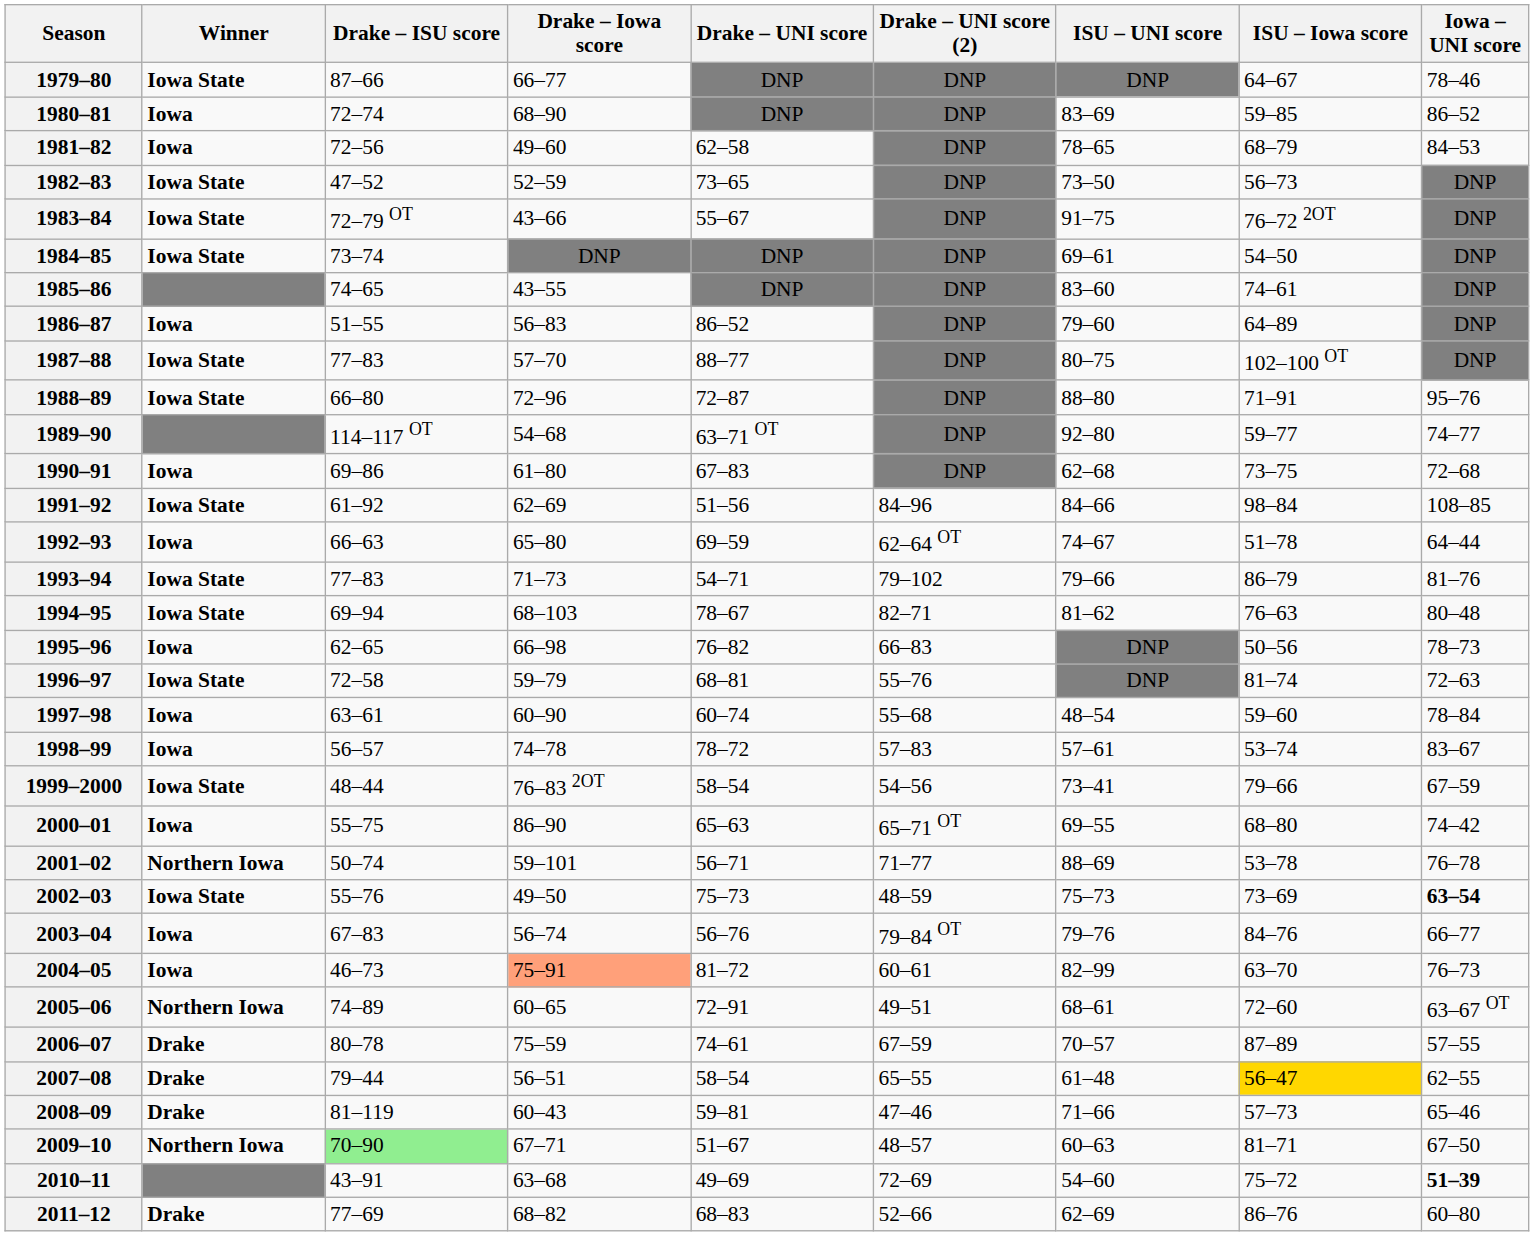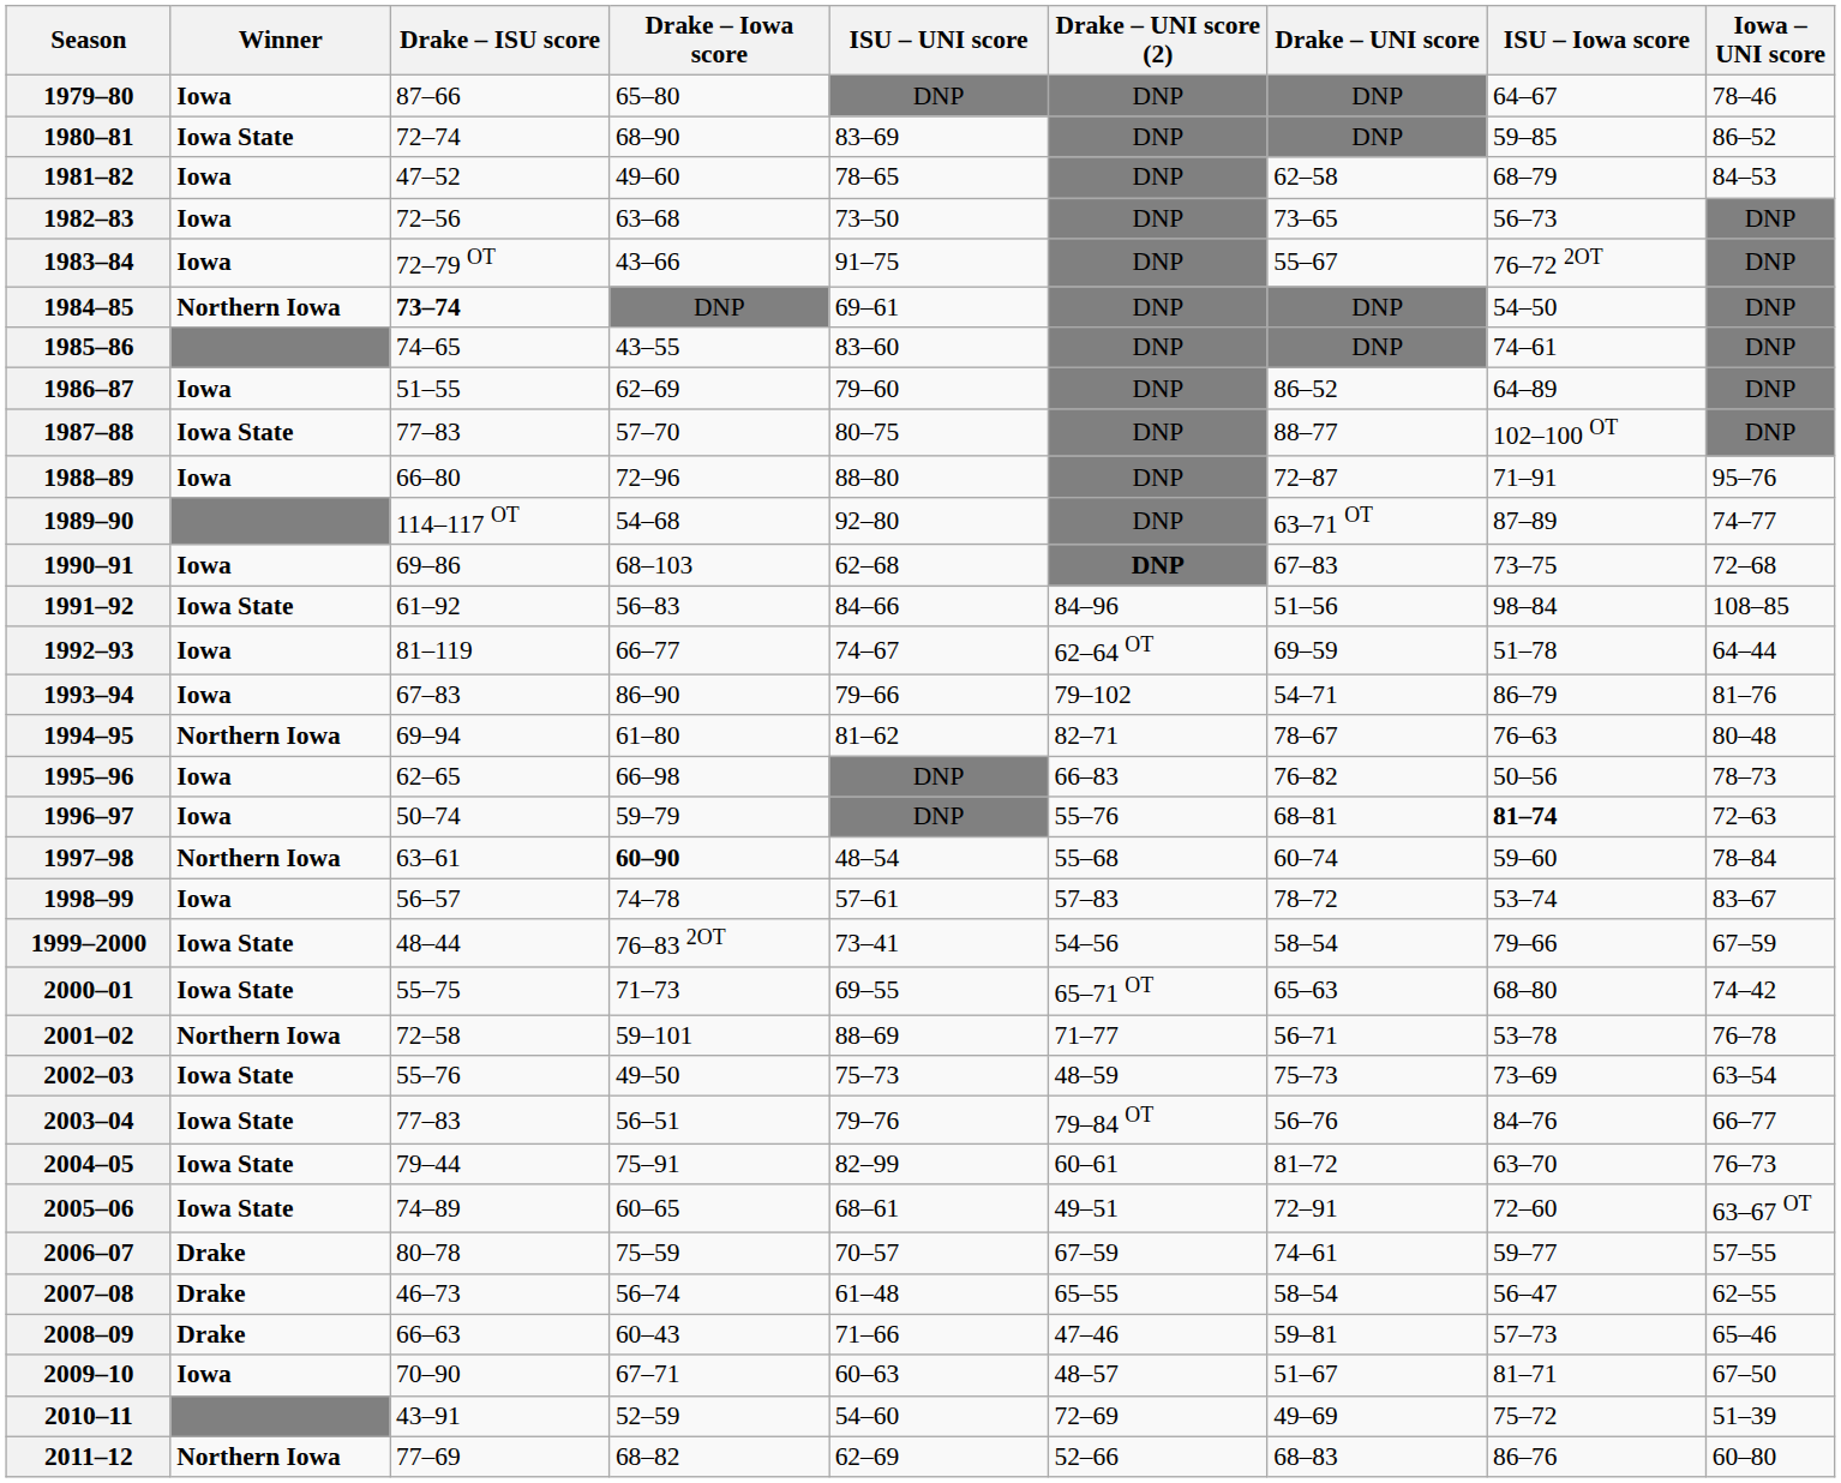 <table class="wikitable"  style="margin:1em auto 1em auto; width:90%;">
 <tr>
 <th style="width:9%;">Season</th>
 <th style="width:12%;">Winner</th>
 <th style="width:12%;">Drake – ISU score</th>
 <th style="width:12%;">Drake – Iowa score</th>
+<th style="width:12%;">ISU – UNI score</th>
+<th style="width:12%;">Drake – UNI score (2)</th>
 <th style="width:12%;">Drake – UNI score</th>
-<th style="width:12%;">Drake – UNI score (2)</th>
-<th style="width:12%;">ISU – UNI score</th>
 <th style="width:12%;">ISU – Iowa score</th>
 <th style="width:12%;">Iowa – UNI score</th>
 </tr>
 <tr>
 <th>1979–80</th>
-<td><strong>Iowa State</strong></td>
+<td><strong>Iowa</strong></td>
 <td>87–66</td>
-<td>66–77</td>
+<td>65–80</td>
 <td style="background: grey; color: black; text-align:center;">DNP</td>
 <td style="background: grey; color: black; text-align:center;">DNP</td>
 <td style="background: grey; color: black; text-align:center;">DNP</td>
 <td>64–67</td>
 <td>78–46</td>
 </tr>
 <tr>
 <th>1980–81</th>
-<td><strong>Iowa</strong></td>
+<td><strong>Iowa State</strong></td>
 <td>72–74</td>
 <td>68–90</td>
+<td>83–69</td>
 <td style="background: grey; color: black; text-align:center;">DNP</td>
 <td style="background: grey; color: black; text-align:center;">DNP</td>
-<td>83–69</td>
 <td>59–85</td>
 <td>86–52</td>
 </tr>
 <tr>
 <th>1981–82</th>
 <td><strong>Iowa</strong></td>
-<td>72–56</td>
+<td>47–52</td>
 <td>49–60</td>
+<td>78–65</td>
+<td style="background: grey; color: black; text-align:center;">DNP</td>
 <td>62–58</td>
-<td style="background: grey; color: black; text-align:center;">DNP</td>
-<td>78–65</td>
 <td>68–79</td>
 <td>84–53</td>
 </tr>
 <tr>
 <th>1982–83</th>
-<td><strong>Iowa State</strong></td>
-<td>47–52</td>
-<td>52–59</td>
+<td><strong>Iowa</strong></td>
+<td>72–56</td>
+<td>63–68</td>
+<td>73–50</td>
+<td style="background: grey; color: black; text-align:center;">DNP</td>
 <td>73–65</td>
-<td style="background: grey; color: black; text-align:center;">DNP</td>
-<td>73–50</td>
 <td>56–73</td>
 <td style="background: grey; color: black; text-align:center;">DNP</td>
 </tr>
 <tr>
 <th>1983–84</th>
-<td><strong>Iowa State</strong></td>
+<td><strong>Iowa</strong></td>
 <td>72–79 <sup>OT</sup></td>
 <td>43–66</td>
+<td>91–75</td>
+<td style="background: grey; color: black; text-align:center;">DNP</td>
 <td>55–67</td>
-<td style="background: grey; color: black; text-align:center;">DNP</td>
-<td>91–75</td>
 <td>76–72 <sup>2OT</sup></td>
 <td style="background: grey; color: black; text-align:center;">DNP</td>
 </tr>
 <tr>
 <th>1984–85</th>
-<td><strong>Iowa State</strong></td>
-<td>73–74</td>
+<td><strong>Northern Iowa</strong></td>
+<td><strong>73–74</strong></td>
+<td style="background: grey; color: black; text-align:center;">DNP</td>
+<td>69–61</td>
 <td style="background: grey; color: black; text-align:center;">DNP</td>
 <td style="background: grey; color: black; text-align:center;">DNP</td>
-<td style="background: grey; color: black; text-align:center;">DNP</td>
-<td>69–61</td>
 <td>54–50</td>
 <td style="background: grey; color: black; text-align:center;">DNP</td>
 </tr>
 <tr>
 <th>1985–86</th>
 <td style="background: grey; color: black; text-align:center;"></td>
 <td>74–65</td>
 <td>43–55</td>
+<td>83–60</td>
 <td style="background: grey; color: black; text-align:center;">DNP</td>
 <td style="background: grey; color: black; text-align:center;">DNP</td>
-<td>83–60</td>
 <td>74–61</td>
 <td style="background: grey; color: black; text-align:center;">DNP</td>
 </tr>
 <tr>
 <th>1986–87</th>
 <td><strong>Iowa</strong></td>
 <td>51–55</td>
-<td>56–83</td>
+<td>62–69</td>
+<td>79–60</td>
+<td style="background: grey; color: black; text-align:center;">DNP</td>
 <td>86–52</td>
-<td style="background: grey; color: black; text-align:center;">DNP</td>
-<td>79–60</td>
 <td>64–89</td>
 <td style="background: grey; color: black; text-align:center;">DNP</td>
 </tr>
 <tr>
 <th>1987–88</th>
 <td><strong>Iowa State</strong></td>
 <td>77–83</td>
 <td>57–70</td>
+<td>80–75</td>
+<td style="background: grey; color: black; text-align:center;">DNP</td>
 <td>88–77</td>
-<td style="background: grey; color: black; text-align:center;">DNP</td>
-<td>80–75</td>
 <td>102–100 <sup>OT</sup></td>
 <td style="background: grey; color: black; text-align:center;">DNP</td>
 </tr>
 <tr>
 <th>1988–89</th>
-<td><strong>Iowa State</strong></td>
+<td><strong>Iowa</strong></td>
 <td>66–80</td>
 <td>72–96</td>
+<td>88–80</td>
+<td style="background: grey; color: black; text-align:center;">DNP</td>
 <td>72–87</td>
-<td style="background: grey; color: black; text-align:center;">DNP</td>
-<td>88–80</td>
 <td>71–91</td>
 <td>95–76</td>
 </tr>
 <tr>
 <th>1989–90</th>
 <td style="background: grey; color: black; text-align:center;"></td>
 <td>114–117 <sup>OT</sup></td>
 <td>54–68</td>
+<td>92–80</td>
+<td style="background: grey; color: black; text-align:center;">DNP</td>
 <td>63–71 <sup>OT</sup></td>
-<td style="background: grey; color: black; text-align:center;">DNP</td>
-<td>92–80</td>
-<td>59–77</td>
+<td>87–89</td>
 <td>74–77</td>
 </tr>
 <tr>
 <th>1990–91</th>
 <td><strong>Iowa</strong></td>
 <td>69–86</td>
-<td>61–80</td>
+<td>68–103</td>
+<td>62–68</td>
+<td style="background: grey; color: black; text-align:center;"><strong>DNP</strong></td>
 <td>67–83</td>
-<td style="background: grey; color: black; text-align:center;">DNP</td>
-<td>62–68</td>
 <td>73–75</td>
 <td>72–68</td>
 </tr>
 <tr>
 <th>1991–92</th>
 <td><strong>Iowa State</strong></td>
 <td>61–92</td>
-<td>62–69</td>
+<td>56–83</td>
+<td>84–66</td>
+<td>84–96</td>
 <td>51–56</td>
-<td>84–96</td>
-<td>84–66</td>
 <td>98–84</td>
 <td>108–85</td>
 </tr>
 <tr>
 <th>1992–93</th>
 <td><strong>Iowa</strong></td>
-<td>66–63</td>
-<td>65–80</td>
+<td>81–119</td>
+<td>66–77</td>
+<td>74–67</td>
+<td>62–64 <sup>OT</sup></td>
 <td>69–59</td>
-<td>62–64 <sup>OT</sup></td>
-<td>74–67</td>
 <td>51–78</td>
 <td>64–44</td>
 </tr>
 <tr>
 <th>1993–94</th>
-<td><strong>Iowa State</strong></td>
-<td>77–83</td>
-<td>71–73</td>
+<td><strong>Iowa</strong></td>
+<td>67–83</td>
+<td>86–90</td>
+<td>79–66</td>
+<td>79–102</td>
 <td>54–71</td>
-<td>79–102</td>
-<td>79–66</td>
 <td>86–79</td>
 <td>81–76</td>
 </tr>
 <tr>
 <th>1994–95</th>
-<td><strong>Iowa State</strong></td>
+<td><strong>Northern Iowa</strong></td>
 <td>69–94</td>
-<td>68–103</td>
+<td>61–80</td>
+<td>81–62</td>
+<td>82–71</td>
 <td>78–67</td>
-<td>82–71</td>
-<td>81–62</td>
 <td>76–63</td>
 <td>80–48</td>
 </tr>
 <tr>
 <th>1995–96</th>
 <td><strong>Iowa</strong></td>
 <td>62–65</td>
 <td>66–98</td>
+<td style="background: grey; color: black; text-align:center;">DNP</td>
+<td>66–83</td>
 <td>76–82</td>
-<td>66–83</td>
-<td style="background: grey; color: black; text-align:center;">DNP</td>
 <td>50–56</td>
 <td>78–73</td>
 </tr>
 <tr>
 <th>1996–97</th>
-<td><strong>Iowa State</strong></td>
-<td>72–58</td>
+<td><strong>Iowa</strong></td>
+<td>50–74</td>
 <td>59–79</td>
+<td style="background: grey; color: black; text-align:center;">DNP</td>
+<td>55–76</td>
 <td>68–81</td>
-<td>55–76</td>
-<td style="background: grey; color: black; text-align:center;">DNP</td>
-<td>81–74</td>
+<td><strong>81–74</strong></td>
 <td>72–63</td>
 </tr>
 <tr>
 <th>1997–98</th>
-<td><strong>Iowa</strong></td>
+<td><strong>Northern Iowa</strong></td>
 <td>63–61</td>
-<td>60–90</td>
+<td><strong>60–90</strong></td>
+<td>48–54</td>
+<td>55–68</td>
 <td>60–74</td>
-<td>55–68</td>
-<td>48–54</td>
 <td>59–60</td>
 <td>78–84</td>
 </tr>
 <tr>
 <th>1998–99</th>
 <td><strong>Iowa</strong></td>
 <td>56–57</td>
 <td>74–78</td>
+<td>57–61</td>
+<td>57–83</td>
 <td>78–72</td>
-<td>57–83</td>
-<td>57–61</td>
 <td>53–74</td>
 <td>83–67</td>
 </tr>
 <tr>
 <th>1999–2000</th>
 <td><strong>Iowa State</strong></td>
 <td>48–44</td>
 <td>76–83 <sup>2OT</sup></td>
+<td>73–41</td>
+<td>54–56</td>
 <td>58–54</td>
-<td>54–56</td>
-<td>73–41</td>
 <td>79–66</td>
 <td>67–59</td>
 </tr>
 <tr>
 <th>2000–01</th>
-<td><strong>Iowa</strong></td>
+<td><strong>Iowa State</strong></td>
 <td>55–75</td>
-<td>86–90</td>
+<td>71–73</td>
+<td>69–55</td>
+<td>65–71 <sup>OT</sup></td>
 <td>65–63</td>
-<td>65–71 <sup>OT</sup></td>
-<td>69–55</td>
 <td>68–80</td>
 <td>74–42</td>
 </tr>
 <tr>
 <th>2001–02</th>
 <td><strong>Northern Iowa</strong></td>
-<td>50–74</td>
+<td>72–58</td>
 <td>59–101</td>
+<td>88–69</td>
+<td>71–77</td>
 <td>56–71</td>
-<td>71–77</td>
-<td>88–69</td>
 <td>53–78</td>
 <td>76–78</td>
 </tr>
 <tr>
 <th>2002–03</th>
 <td><strong>Iowa State</strong></td>
 <td>55–76</td>
 <td>49–50</td>
 <td>75–73</td>
 <td>48–59</td>
 <td>75–73</td>
 <td>73–69</td>
-<td><strong>63–54</strong></td>
+<td>63–54</td>
 </tr>
 <tr>
 <th>2003–04</th>
-<td><strong>Iowa</strong></td>
-<td>67–83</td>
-<td>56–74</td>
+<td><strong>Iowa State</strong></td>
+<td>77–83</td>
+<td>56–51</td>
+<td>79–76</td>
+<td>79–84 <sup>OT</sup></td>
 <td>56–76</td>
-<td>79–84 <sup>OT</sup></td>
-<td>79–76</td>
 <td>84–76</td>
 <td>66–77</td>
 </tr>
 <tr>
 <th>2004–05</th>
-<td><strong>Iowa</strong></td>
-<td>46–73</td>
-<td style="background: lightsalmon;">75–91</td>
+<td><strong>Iowa State</strong></td>
+<td>79–44</td>
+<td>75–91</td>
+<td>82–99</td>
+<td>60–61</td>
 <td>81–72</td>
-<td>60–61</td>
-<td>82–99</td>
 <td>63–70</td>
 <td>76–73</td>
 </tr>
 <tr>
 <th>2005–06</th>
-<td><strong>Northern Iowa</strong></td>
+<td><strong>Iowa State</strong></td>
 <td>74–89</td>
 <td>60–65</td>
+<td>68–61</td>
+<td>49–51</td>
 <td>72–91</td>
-<td>49–51</td>
-<td>68–61</td>
 <td>72–60</td>
 <td>63–67 <sup>OT</sup></td>
 </tr>
 <tr>
 <th>2006–07</th>
 <td><strong>Drake</strong></td>
 <td>80–78</td>
 <td>75–59</td>
+<td>70–57</td>
+<td>67–59</td>
 <td>74–61</td>
-<td>67–59</td>
-<td>70–57</td>
-<td>87–89</td>
+<td>59–77</td>
 <td>57–55</td>
 </tr>
 <tr>
 <th>2007–08</th>
 <td><strong>Drake</strong></td>
-<td>79–44</td>
-<td>56–51</td>
+<td>46–73</td>
+<td>56–74</td>
+<td>61–48</td>
+<td>65–55</td>
 <td>58–54</td>
-<td>65–55</td>
-<td>61–48</td>
-<td style="background: gold;">56–47</td>
+<td>56–47</td>
 <td>62–55</td>
 </tr>
 <tr>
 <th>2008–09</th>
 <td><strong>Drake</strong></td>
-<td>81–119</td>
+<td>66–63</td>
 <td>60–43</td>
+<td>71–66</td>
+<td>47–46</td>
 <td>59–81</td>
-<td>47–46</td>
-<td>71–66</td>
 <td>57–73</td>
 <td>65–46</td>
 </tr>
 <tr>
 <th>2009–10</th>
-<td><strong>Northern Iowa</strong></td>
-<td style="background: lightgreen;">70–90</td>
+<td><strong>Iowa</strong></td>
+<td>70–90</td>
 <td>67–71</td>
+<td>60–63</td>
+<td>48–57</td>
 <td>51–67</td>
-<td>48–57</td>
-<td>60–63</td>
 <td>81–71</td>
 <td>67–50</td>
 </tr>
 <tr>
 <th>2010–11</th>
 <td style="background: grey; color: black; text-align:center;"></td>
 <td>43–91</td>
-<td>63–68</td>
+<td>52–59</td>
+<td>54–60</td>
+<td>72–69</td>
 <td>49–69</td>
-<td>72–69</td>
-<td>54–60</td>
 <td>75–72</td>
-<td><strong>51–39</strong></td>
+<td>51–39</td>
 </tr>
 <tr>
 <th>2011–12</th>
-<td><strong>Drake</strong></td>
+<td><strong>Northern Iowa</strong></td>
 <td>77–69</td>
 <td>68–82</td>
+<td>62–69</td>
+<td>52–66</td>
 <td>68–83</td>
-<td>52–66</td>
-<td>62–69</td>
 <td>86–76</td>
 <td>60–80</td>
 </tr>
 </table>
